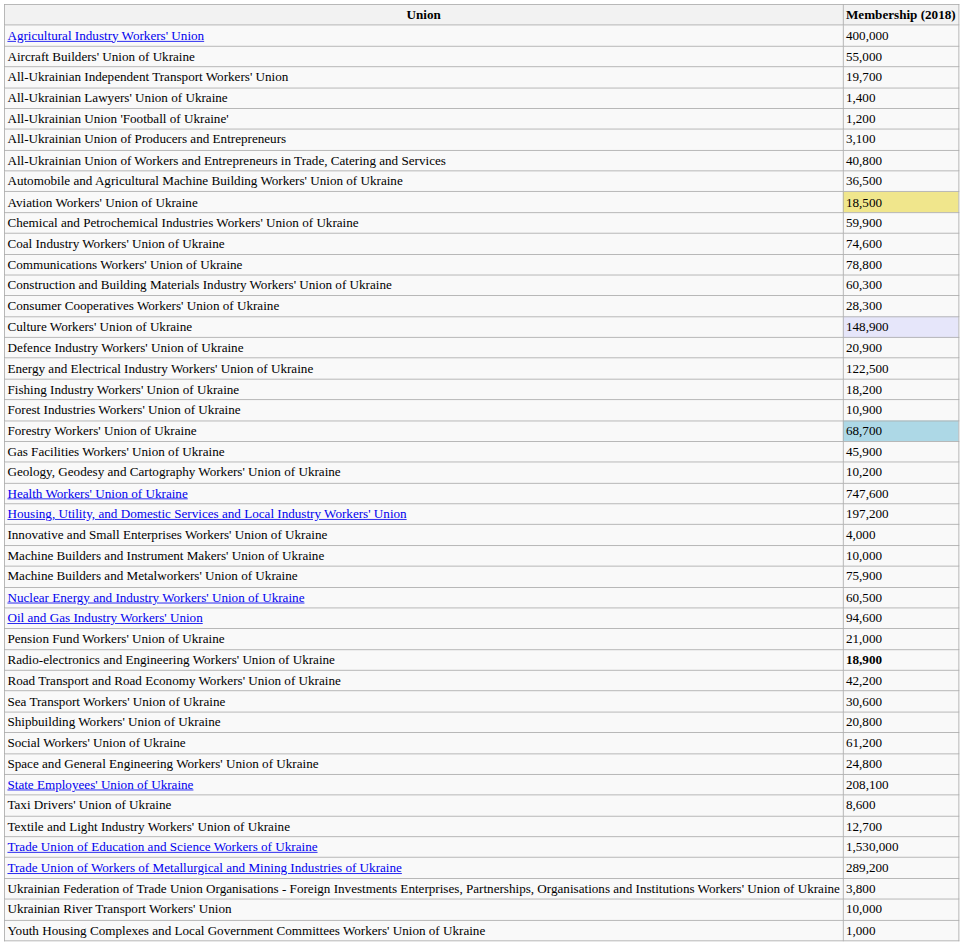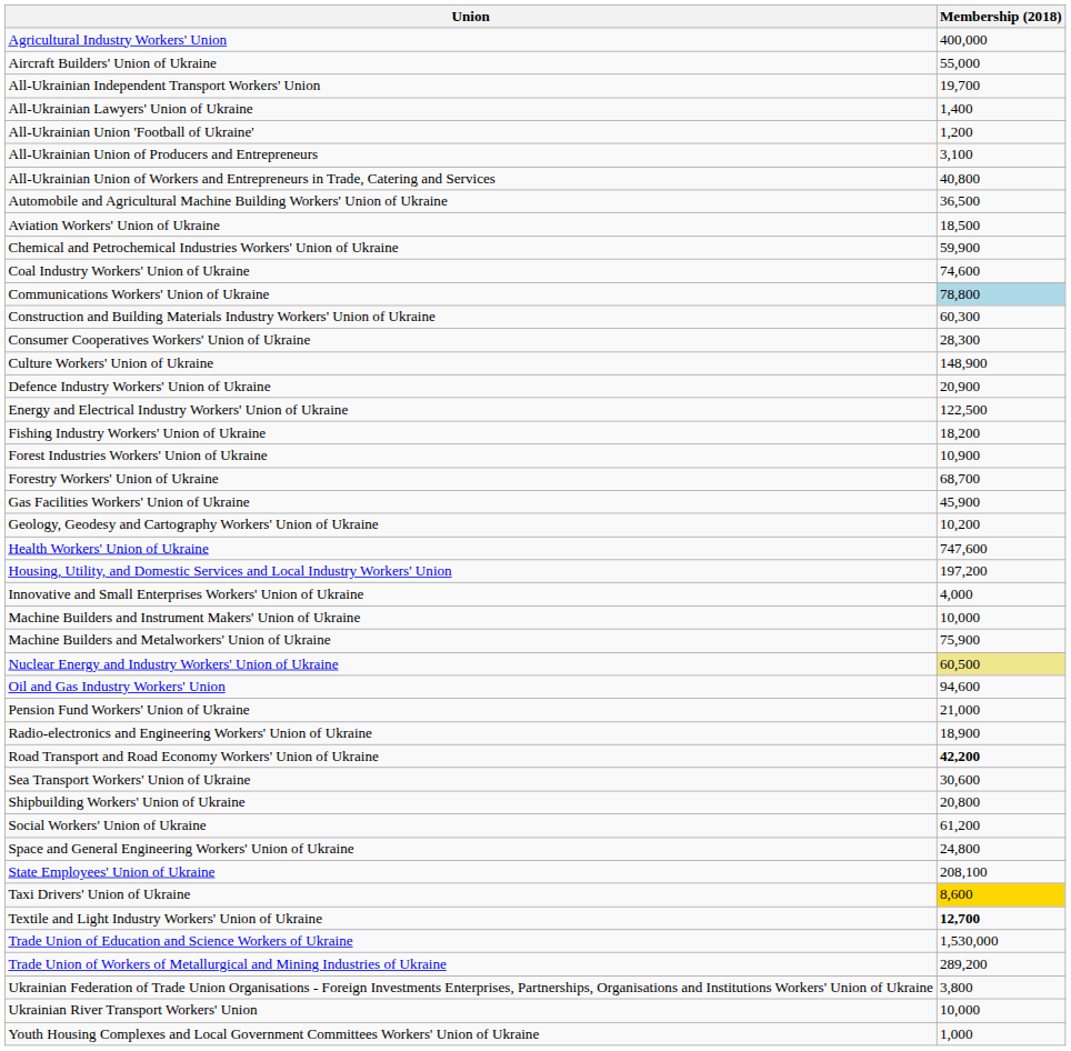 <table class="wikitable sortable">
 <tr>
 <th>Union</th>
 <th>Membership (2018)</th>
 </tr>
 <tr>
 <td><a href='#'>Agricultural Industry Workers' Union</a></td>
 <td>400,000</td>
 </tr>
 <tr>
 <td>Aircraft Builders' Union of Ukraine</td>
 <td>55,000</td>
 </tr>
 <tr>
 <td>All-Ukrainian Independent Transport Workers' Union</td>
 <td>19,700</td>
 </tr>
 <tr>
 <td>All-Ukrainian Lawyers' Union of Ukraine</td>
 <td>1,400</td>
 </tr>
 <tr>
 <td>All-Ukrainian Union 'Football of Ukraine'</td>
 <td>1,200</td>
 </tr>
 <tr>
 <td>All-Ukrainian Union of Producers and Entrepreneurs</td>
 <td>3,100</td>
 </tr>
 <tr>
 <td>All-Ukrainian Union of Workers and Entrepreneurs in Trade, Catering and Services</td>
 <td>40,800</td>
 </tr>
 <tr>
 <td>Automobile and Agricultural Machine Building Workers' Union of Ukraine</td>
 <td>36,500</td>
 </tr>
 <tr>
 <td>Aviation Workers' Union of Ukraine</td>
-<td style="background: khaki;">18,500</td>
+<td>18,500</td>
 </tr>
 <tr>
 <td>Chemical and Petrochemical Industries Workers' Union of Ukraine</td>
 <td>59,900</td>
 </tr>
 <tr>
 <td>Coal Industry Workers' Union of Ukraine</td>
 <td>74,600</td>
 </tr>
 <tr>
 <td>Communications Workers' Union of Ukraine</td>
-<td>78,800</td>
+<td style="background: lightblue;">78,800</td>
 </tr>
 <tr>
 <td>Construction and Building Materials Industry Workers' Union of Ukraine</td>
 <td>60,300</td>
 </tr>
 <tr>
 <td>Consumer Cooperatives Workers' Union of Ukraine</td>
 <td>28,300</td>
 </tr>
 <tr>
 <td>Culture Workers' Union of Ukraine</td>
-<td style="background: lavender;">148,900</td>
+<td>148,900</td>
 </tr>
 <tr>
 <td>Defence Industry Workers' Union of Ukraine</td>
 <td>20,900</td>
 </tr>
 <tr>
 <td>Energy and Electrical Industry Workers' Union of Ukraine</td>
 <td>122,500</td>
 </tr>
 <tr>
 <td>Fishing Industry Workers' Union of Ukraine</td>
 <td>18,200</td>
 </tr>
 <tr>
 <td>Forest Industries Workers' Union of Ukraine</td>
 <td>10,900</td>
 </tr>
 <tr>
 <td>Forestry Workers' Union of Ukraine</td>
-<td style="background: lightblue;">68,700</td>
+<td>68,700</td>
 </tr>
 <tr>
 <td>Gas Facilities Workers' Union of Ukraine</td>
 <td>45,900</td>
 </tr>
 <tr>
 <td>Geology, Geodesy and Cartography Workers' Union of Ukraine</td>
 <td>10,200</td>
 </tr>
 <tr>
 <td><a href='#'>Health Workers' Union of Ukraine</a></td>
 <td>747,600</td>
 </tr>
 <tr>
 <td><a href='#'>Housing, Utility, and Domestic Services and Local Industry Workers' Union</a></td>
 <td>197,200</td>
 </tr>
 <tr>
 <td>Innovative and Small Enterprises Workers' Union of Ukraine</td>
 <td>4,000</td>
 </tr>
 <tr>
 <td>Machine Builders and Instrument Makers' Union of Ukraine</td>
 <td>10,000</td>
 </tr>
 <tr>
 <td>Machine Builders and Metalworkers' Union of Ukraine</td>
 <td>75,900</td>
 </tr>
 <tr>
 <td><a href='#'>Nuclear Energy and Industry Workers' Union of Ukraine</a></td>
-<td>60,500</td>
+<td style="background: khaki;">60,500</td>
 </tr>
 <tr>
 <td><a href='#'>Oil and Gas Industry Workers' Union</a></td>
 <td>94,600</td>
 </tr>
 <tr>
 <td>Pension Fund Workers' Union of Ukraine</td>
 <td>21,000</td>
 </tr>
 <tr>
 <td>Radio-electronics and Engineering Workers' Union of Ukraine</td>
-<td><strong>18,900</strong></td>
+<td>18,900</td>
 </tr>
 <tr>
 <td>Road Transport and Road Economy Workers' Union of Ukraine</td>
-<td>42,200</td>
+<td><strong>42,200</strong></td>
 </tr>
 <tr>
 <td>Sea Transport Workers' Union of Ukraine</td>
 <td>30,600</td>
 </tr>
 <tr>
 <td>Shipbuilding Workers' Union of Ukraine</td>
 <td>20,800</td>
 </tr>
 <tr>
 <td>Social Workers' Union of Ukraine</td>
 <td>61,200</td>
 </tr>
 <tr>
 <td>Space and General Engineering Workers' Union of Ukraine</td>
 <td>24,800</td>
 </tr>
 <tr>
 <td><a href='#'>State Employees' Union of Ukraine</a></td>
 <td>208,100</td>
 </tr>
 <tr>
 <td>Taxi Drivers' Union of Ukraine</td>
-<td>8,600</td>
+<td style="background: gold;">8,600</td>
 </tr>
 <tr>
 <td>Textile and Light Industry Workers' Union of Ukraine</td>
-<td>12,700</td>
+<td><strong>12,700</strong></td>
 </tr>
 <tr>
 <td><a href='#'>Trade Union of Education and Science Workers of Ukraine</a></td>
 <td>1,530,000</td>
 </tr>
 <tr>
 <td><a href='#'>Trade Union of Workers of Metallurgical and Mining Industries of Ukraine</a></td>
 <td>289,200</td>
 </tr>
 <tr>
 <td>Ukrainian Federation of Trade Union Organisations - Foreign Investments Enterprises, Partnerships, Organisations and Institutions Workers' Union of Ukraine</td>
 <td>3,800</td>
 </tr>
 <tr>
 <td>Ukrainian River Transport Workers' Union</td>
 <td>10,000</td>
 </tr>
 <tr>
 <td>Youth Housing Complexes and Local Government Committees Workers' Union of Ukraine</td>
 <td>1,000</td>
 </tr>
 </table>
